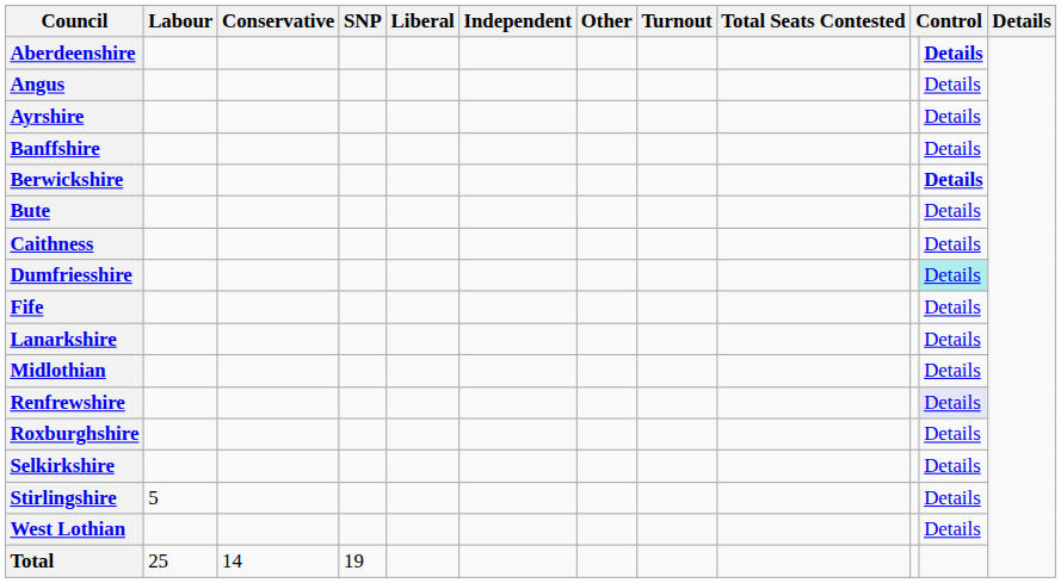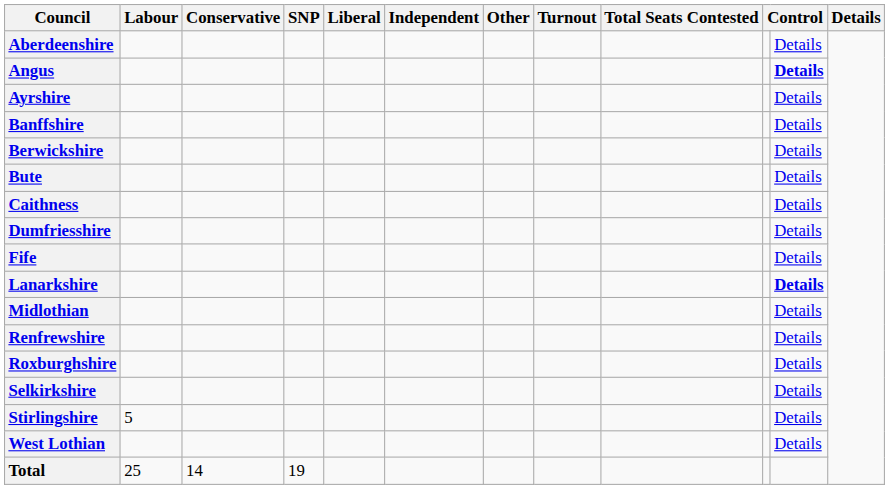 <table class="wikitable">
 <tr>
 <th scope="col">Council</th>
 <th scope="col">Labour</th>
 <th scope="col">Conservative</th>
 <th scope="col">SNP</th>
 <th scope="col">Liberal</th>
 <th scope="col">Independent</th>
 <th scope="col">Other</th>
 <th scope="col">Turnout</th>
 <th scope="col">Total Seats Contested</th>
 <th scope="col" colspan=2>Control<br></th>
 <th scope="col">Details</th>
 </tr>
 <tr>
 <th scope="row" style="text-align: left;"><a href='#'>Aberdeenshire</a></th>
 <td></td>
 <td></td>
 <td></td>
 <td></td>
 <td></td>
 <td></td>
 <td></td>
 <td></td>
 <td></td>
-<td><strong><a href='#'>Details</a></strong></td>
+<td><a href='#'>Details</a></td>
 </tr>
 <tr>
 <th scope="row" style="text-align: left;"><a href='#'>Angus</a></th>
 <td></td>
 <td></td>
 <td></td>
 <td></td>
 <td></td>
 <td></td>
 <td></td>
 <td></td>
 <td></td>
-<td><a href='#'>Details</a></td>
+<td><strong><a href='#'>Details</a></strong></td>
 </tr>
 <tr>
 <th scope="row" style="text-align: left;"><a href='#'>Ayrshire</a></th>
 <td></td>
 <td></td>
 <td></td>
 <td></td>
 <td></td>
 <td></td>
 <td></td>
 <td></td>
 <td></td>
 <td><a href='#'>Details</a></td>
 </tr>
 <tr>
 <th scope="row" style="text-align: left;"><a href='#'>Banffshire</a></th>
 <td></td>
 <td></td>
 <td></td>
 <td></td>
 <td></td>
 <td></td>
 <td></td>
 <td></td>
 <td></td>
 <td><a href='#'>Details</a></td>
 </tr>
 <tr>
 <th scope="row" style="text-align: left;"><a href='#'>Berwickshire</a></th>
 <td></td>
 <td></td>
 <td></td>
 <td></td>
 <td></td>
 <td></td>
 <td></td>
 <td></td>
 <td></td>
-<td><strong><a href='#'>Details</a></strong></td>
+<td><a href='#'>Details</a></td>
 </tr>
 <tr>
 <th scope="row" style="text-align: left;"><a href='#'>Bute</a></th>
 <td></td>
 <td></td>
 <td></td>
 <td></td>
 <td></td>
 <td></td>
 <td></td>
 <td></td>
 <td></td>
 <td><a href='#'>Details</a></td>
 </tr>
 <tr>
 <th scope="row" style="text-align: left;"><a href='#'>Caithness</a></th>
 <td></td>
 <td></td>
 <td></td>
 <td></td>
 <td></td>
 <td></td>
 <td></td>
 <td></td>
 <td></td>
 <td><a href='#'>Details</a></td>
 </tr>
 <tr>
 <th scope="row" style="text-align: left;"><a href='#'>Dumfriesshire</a></th>
 <td></td>
 <td></td>
 <td></td>
 <td></td>
 <td></td>
 <td></td>
 <td></td>
 <td></td>
 <td></td>
-<td style="background: paleturquoise;"><a href='#'>Details</a></td>
+<td><a href='#'>Details</a></td>
 </tr>
 <tr>
 <th scope="row" style="text-align: left;"><a href='#'>Fife</a></th>
 <td></td>
 <td></td>
 <td></td>
 <td></td>
 <td></td>
 <td></td>
 <td></td>
 <td></td>
 <td></td>
 <td><a href='#'>Details</a></td>
 </tr>
 <tr>
 <th scope="row" style="text-align: left;"><a href='#'>Lanarkshire</a></th>
 <td></td>
 <td></td>
 <td></td>
 <td></td>
 <td></td>
 <td></td>
 <td></td>
 <td></td>
 <td></td>
-<td><a href='#'>Details</a></td>
+<td><strong><a href='#'>Details</a></strong></td>
 </tr>
 <tr>
 <th scope="row" style="text-align: left;"><a href='#'>Midlothian</a></th>
 <td></td>
 <td></td>
 <td></td>
 <td></td>
 <td></td>
 <td></td>
 <td></td>
 <td></td>
 <td></td>
 <td><a href='#'>Details</a></td>
 </tr>
 <tr>
 <th scope="row" style="text-align: left;"><a href='#'>Renfrewshire</a></th>
 <td></td>
 <td></td>
 <td></td>
 <td></td>
 <td></td>
 <td></td>
 <td></td>
 <td></td>
 <td></td>
-<td style="background: lavender;"><a href='#'>Details</a></td>
+<td><a href='#'>Details</a></td>
 </tr>
 <tr>
 <th scope="row" style="text-align: left;"><a href='#'>Roxburghshire</a></th>
 <td></td>
 <td></td>
 <td></td>
 <td></td>
 <td></td>
 <td></td>
 <td></td>
 <td></td>
 <td></td>
 <td><a href='#'>Details</a></td>
 </tr>
 <tr>
 <th scope="row" style="text-align: left;"><a href='#'>Selkirkshire</a></th>
 <td></td>
 <td></td>
 <td></td>
 <td></td>
 <td></td>
 <td></td>
 <td></td>
 <td></td>
 <td></td>
 <td><a href='#'>Details</a></td>
 </tr>
 <tr>
 <th scope="row" style="text-align: left;"><a href='#'>Stirlingshire</a></th>
 <td>5</td>
 <td></td>
 <td></td>
 <td></td>
 <td></td>
 <td></td>
 <td></td>
 <td></td>
 <td></td>
 <td><a href='#'>Details</a></td>
 </tr>
 <tr>
 <th scope="row" style="text-align: left;"><a href='#'>West Lothian</a></th>
 <td></td>
 <td></td>
 <td></td>
 <td></td>
 <td></td>
 <td></td>
 <td></td>
 <td></td>
 <td></td>
 <td><a href='#'>Details</a></td>
 </tr>
 <tr>
 <th scope="row" style="text-align: left;">Total</th>
 <td>25</td>
 <td>14</td>
 <td>19</td>
 <td></td>
 <td></td>
 <td></td>
 <td></td>
 <td></td>
 <td></td>
 <td></td>
 </tr>
 </table>
